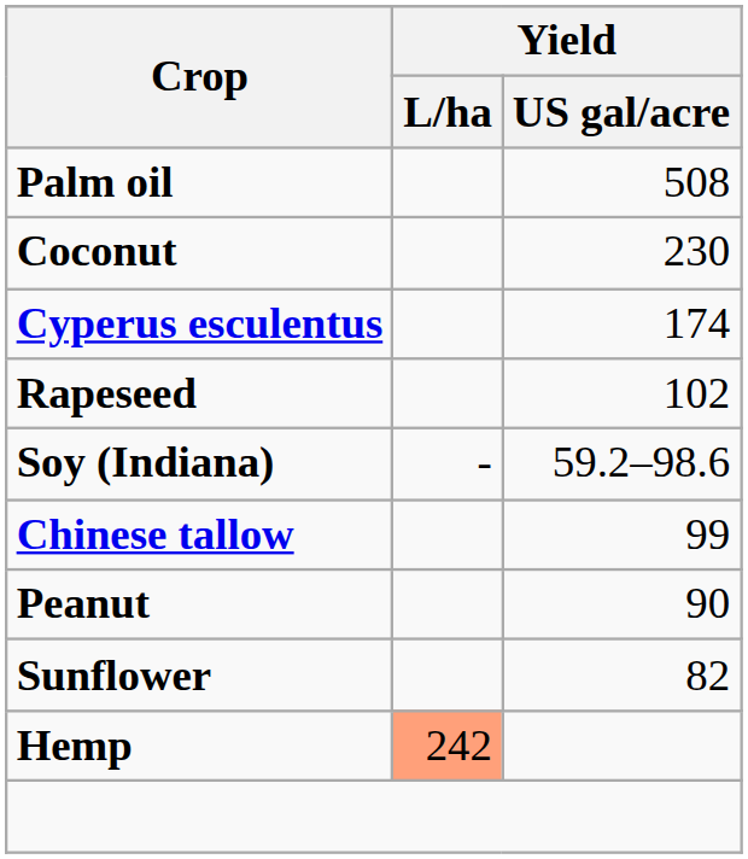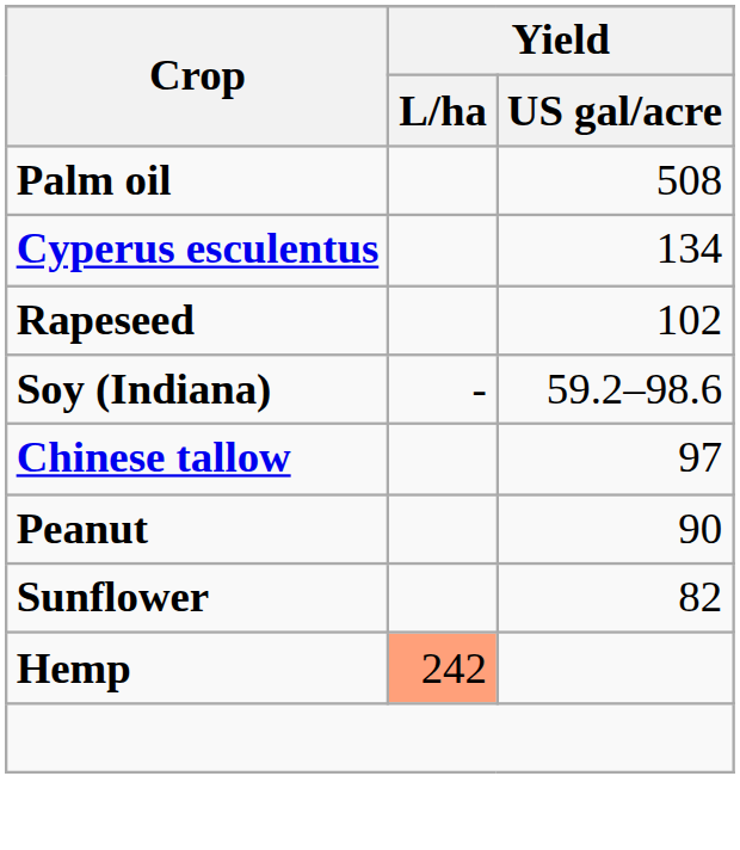 <table class="wikitable">
 <tr>
 </tr>
 <tr>
 <th rowspan="2">Crop</th>
 <th colspan="2">Yield</th>
 </tr>
 <tr>
 <th>L/ha</th>
 <th>US gal/acre</th>
 </tr>
 <tr>
 <td><strong>Palm oil</strong></td>
 <td align="right"></td>
 <td align="right">508</td>
 </tr>
 <tr>
-<td><strong>Coconut</strong></td>
-<td align="right"></td>
-<td align="right">230</td>
-</tr>
-<tr>
 <td><strong><a href='#'>Cyperus esculentus</a></strong></td>
 <td align="right"></td>
-<td align="right">174</td>
+<td align="right">134</td>
 </tr>
 <tr>
 <td><strong>Rapeseed</strong></td>
 <td align="right"></td>
 <td align="right">102</td>
 </tr>
 <tr>
 <td><strong>Soy (Indiana)</strong></td>
 <td align="right">-</td>
 <td align="right">59.2–98.6</td>
 </tr>
 <tr>
 <td><strong><a href='#'>Chinese tallow</a></strong></td>
 <td align="right"></td>
-<td align="right">99</td>
+<td align="right">97</td>
 </tr>
 <tr>
 <td><strong>Peanut</strong></td>
 <td align="right"></td>
 <td align="right">90</td>
 </tr>
 <tr>
 <td><strong>Sunflower</strong></td>
 <td align="right"></td>
 <td align="right">82</td>
 </tr>
 <tr>
 <td><strong>Hemp</strong></td>
 <td align="right" style="background: lightsalmon;">242</td>
 <td align="right"></td>
 </tr>
 <tr>
 <td colspan="3"><br> </td>
 </tr>
 </table>
